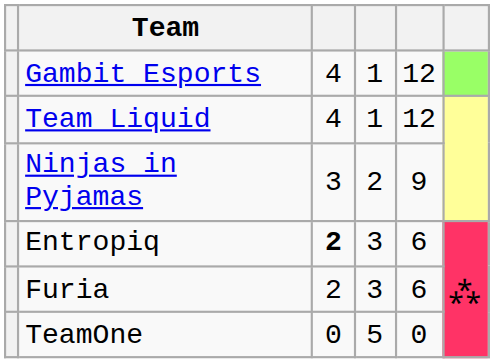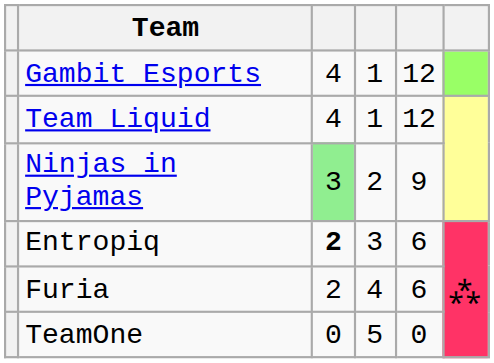 <table class="wikitable plainrowheaders" style="text-align:center;">
 <tr>
 <th scope="col"></th>
 <th scope="col" style="width:10em;">Team</th>
 <th scope="col" style="width:1em;"></th>
 <th scope="col" style="width:1em;"></th>
 <th scope="col" style="width:1em;"></th>
 <th scope=col class="unsortable"></th>
 </tr>
 <tr>
 <th scope="row"></th>
 <td style="text-align: left;"><a href='#'>Gambit Esports</a></td>
 <td>4</td>
 <td>1</td>
 <td>12</td>
 <td style="background:#99FF66;"></td>
 </tr>
 <tr>
 <th scope="row"></th>
 <td style="text-align: left;"><a href='#'>Team Liquid</a></td>
 <td>4</td>
 <td>1</td>
 <td>12</td>
 <td rowspan="2" style="background:#ff9;"></td>
 </tr>
 <tr>
 <th scope="row"></th>
 <td style="text-align: left;"><a href='#'>Ninjas in Pyjamas</a></td>
-<td>3</td>
+<td style="background: lightgreen;">3</td>
 <td>2</td>
 <td>9</td>
 </tr>
 <tr>
 <th scope="row"></th>
 <td style="text-align: left;">Entropiq</td>
 <td><strong>2</strong></td>
 <td>3</td>
 <td>6</td>
 <td rowspan="3" style="background:#FF3366;">⁂</td>
 </tr>
 <tr>
 <th scope="row"></th>
 <td style="text-align: left;">Furia</td>
 <td>2</td>
-<td>3</td>
+<td>4</td>
 <td>6</td>
 </tr>
 <tr>
 <th scope="row"></th>
 <td style="text-align: left;">TeamOne</td>
 <td>0</td>
 <td>5</td>
 <td>0</td>
 </tr>
 </table>
